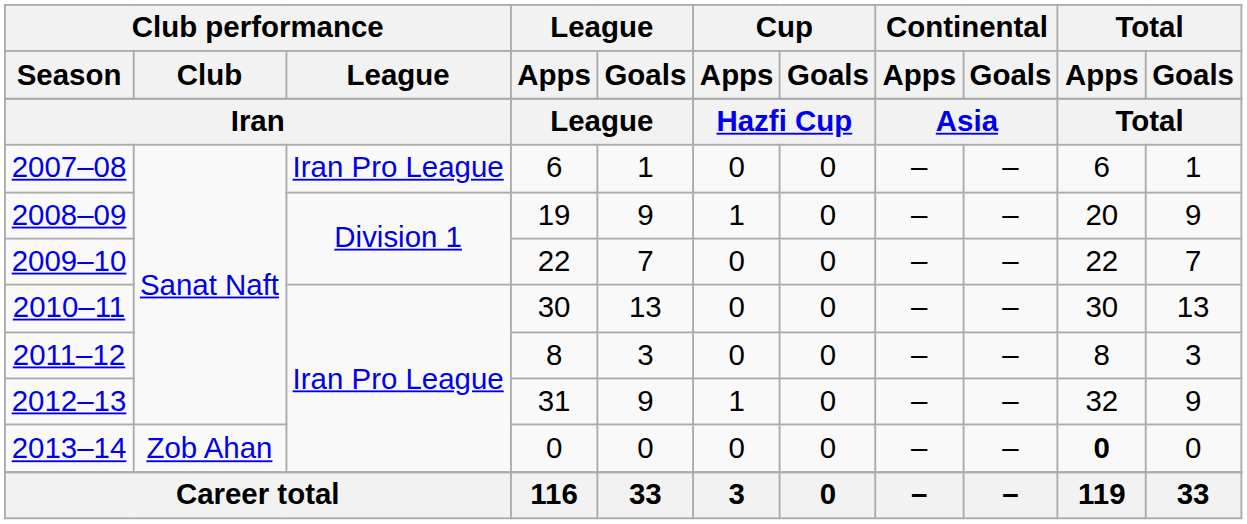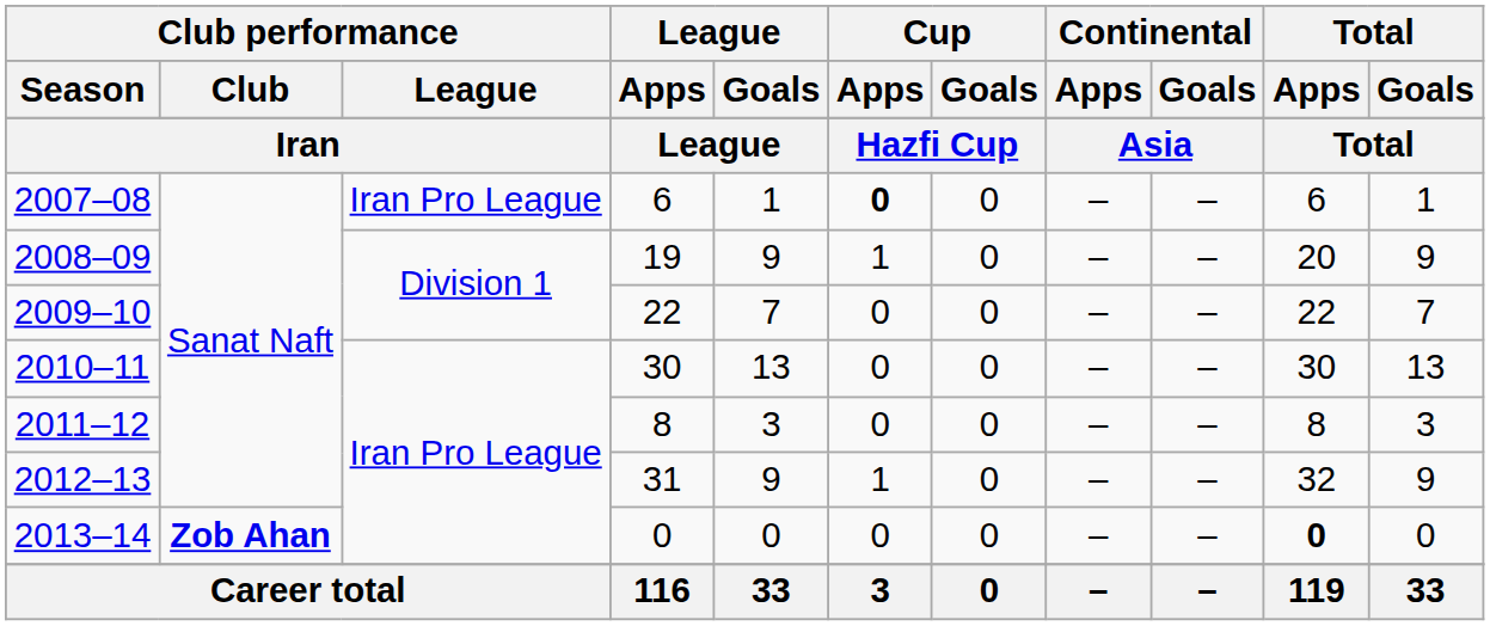 <table class="wikitable" style="text-align:center">
 <tr>
 <th colspan=3>Club performance</th>
 <th colspan=2>League</th>
 <th colspan=2>Cup</th>
 <th colspan=2>Continental</th>
 <th colspan=2>Total</th>
 </tr>
 <tr>
 <th>Season</th>
 <th>Club</th>
 <th>League</th>
 <th>Apps</th>
 <th>Goals</th>
 <th>Apps</th>
 <th>Goals</th>
 <th>Apps</th>
 <th>Goals</th>
 <th>Apps</th>
 <th>Goals</th>
 </tr>
 <tr>
 </tr>
 <tr>
 <th colspan=3>Iran</th>
 <th colspan=2>League</th>
 <th colspan=2><a href='#'>Hazfi Cup</a></th>
 <th colspan=2><a href='#'>Asia</a></th>
 <th colspan=2>Total</th>
 </tr>
 <tr>
 <td><a href='#'>2007–08</a></td>
 <td rowspan=6><a href='#'>Sanat Naft</a></td>
 <td><a href='#'>Iran Pro League</a></td>
 <td>6</td>
 <td>1</td>
-<td>0</td>
+<td><strong>0</strong></td>
 <td>0</td>
 <td>–</td>
 <td>–</td>
 <td>6</td>
 <td>1</td>
 </tr>
 <tr>
 <td><a href='#'>2008–09</a></td>
 <td rowspan=2><a href='#'>Division 1</a></td>
 <td>19</td>
 <td>9</td>
 <td>1</td>
 <td>0</td>
 <td>–</td>
 <td>–</td>
 <td>20</td>
 <td>9</td>
 </tr>
 <tr>
 <td><a href='#'>2009–10</a></td>
 <td>22</td>
 <td>7</td>
 <td>0</td>
 <td>0</td>
 <td>–</td>
 <td>–</td>
 <td>22</td>
 <td>7</td>
 </tr>
 <tr>
 <td><a href='#'>2010–11</a></td>
 <td rowspan=4><a href='#'>Iran Pro League</a></td>
 <td>30</td>
 <td>13</td>
 <td>0</td>
 <td>0</td>
 <td>–</td>
 <td>–</td>
 <td>30</td>
 <td>13</td>
 </tr>
 <tr>
 <td><a href='#'>2011–12</a></td>
 <td>8</td>
 <td>3</td>
 <td>0</td>
 <td>0</td>
 <td>–</td>
 <td>–</td>
 <td>8</td>
 <td>3</td>
 </tr>
 <tr>
 <td><a href='#'>2012–13</a></td>
 <td>31</td>
 <td>9</td>
 <td>1</td>
 <td>0</td>
 <td>–</td>
 <td>–</td>
 <td>32</td>
 <td>9</td>
 </tr>
 <tr>
 <td><a href='#'>2013–14</a></td>
-<td rowspan=1><a href='#'>Zob Ahan</a></td>
+<td rowspan=1><strong><a href='#'>Zob Ahan</a></strong></td>
 <td>0</td>
 <td>0</td>
 <td>0</td>
 <td>0</td>
 <td>–</td>
 <td>–</td>
 <td><strong>0</strong></td>
 <td>0</td>
 </tr>
 <tr>
 </tr>
 <tr>
 <th colspan=3>Career total</th>
 <th>116</th>
 <th>33</th>
 <th>3</th>
 <th>0</th>
 <th>–</th>
 <th>–</th>
 <th>119</th>
 <th>33</th>
 </tr>
 </table>
